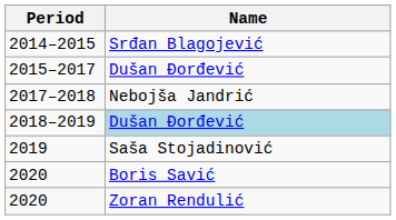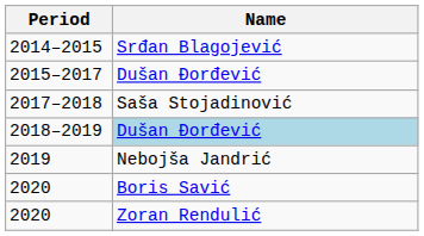 <table class="wikitable">
 <tr>
 <th width="75">Period</th>
 <th width="225">Name</th>
 </tr>
 <tr>
 <td>2014–2015</td>
 <td> <a href='#'>Srđan Blagojević</a></td>
 </tr>
 <tr>
 <td>2015–2017</td>
 <td> <a href='#'>Dušan Đorđević</a></td>
 </tr>
 <tr>
 <td>2017–2018</td>
-<td> Nebojša Jandrić</td>
+<td> Saša Stojadinović</td>
 </tr>
 <tr>
 <td>2018–2019</td>
 <td style="background: lightblue;"> <a href='#'>Dušan Đorđević</a></td>
 </tr>
 <tr>
 <td>2019</td>
-<td> Saša Stojadinović</td>
+<td> Nebojša Jandrić</td>
 </tr>
 <tr>
 <td>2020</td>
 <td> <a href='#'>Boris Savić</a></td>
 </tr>
 <tr>
 <td>2020</td>
 <td> <a href='#'>Zoran Rendulić</a></td>
 </tr>
 </table>
